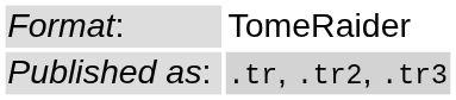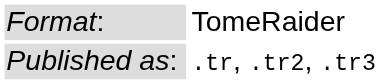 <table style="text-align:left;">
 <tr>
 <td style="background:#ddd; width:100px;"><em>Format</em>:</td>
 <td>TomeRaider</td>
 </tr>
 <tr>
 <td style="background:#ddd;"><em>Published as</em>:</td>
-<td style="background: lightgrey;"><code>.tr</code>, <code>.tr2</code>, <code>.tr3</code></td>
+<td><code>.tr</code>, <code>.tr2</code>, <code>.tr3</code></td>
 </tr>
 </table>
